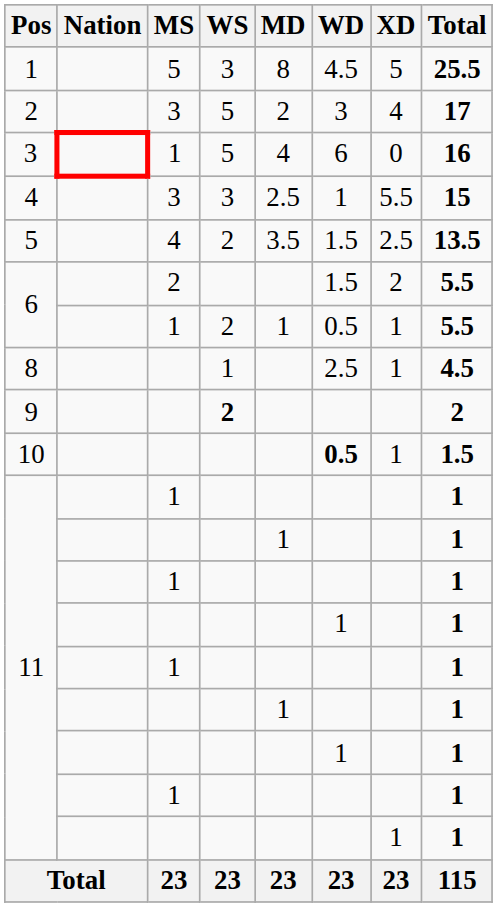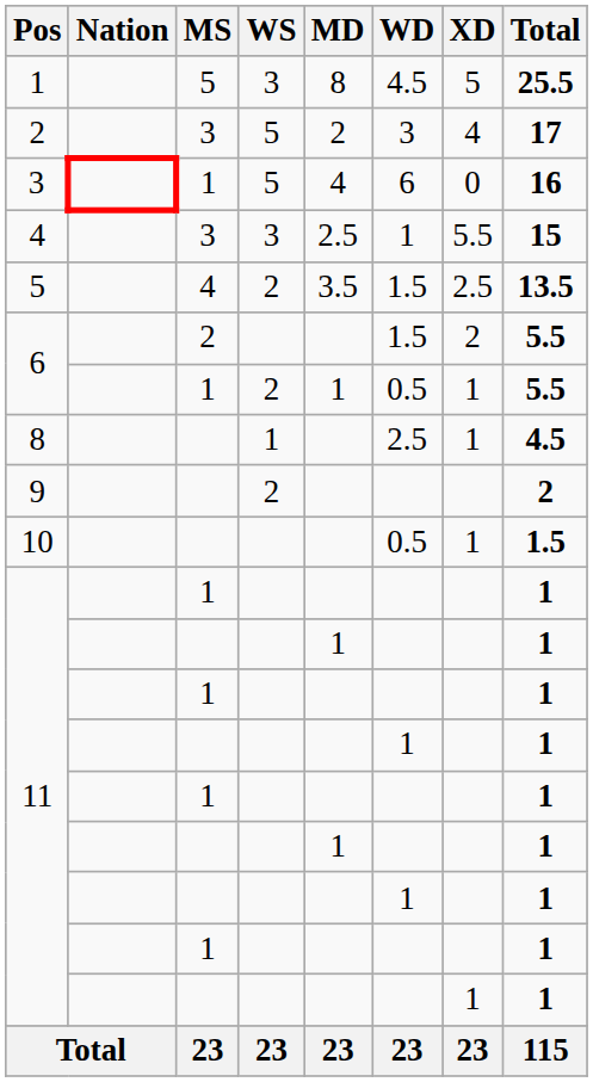 <table class="wikitable" style="text-align:center">
 <tr>
 <th>Pos</th>
 <th>Nation</th>
 <th>MS</th>
 <th>WS</th>
 <th>MD</th>
 <th>WD</th>
 <th>XD</th>
 <th>Total</th>
 </tr>
 <tr>
 <td>1</td>
 <td align=left></td>
 <td>5</td>
 <td>3</td>
 <td>8</td>
 <td>4.5</td>
 <td>5</td>
 <td><strong>25.5</strong></td>
 </tr>
 <tr>
 <td>2</td>
 <td align=left></td>
 <td>3</td>
 <td>5</td>
 <td>2</td>
 <td>3</td>
 <td>4</td>
 <td><strong>17</strong></td>
 </tr>
 <tr>
 <td>3</td>
 <td align="left" style="border: 3px solid red"><strong></strong></td>
 <td>1</td>
 <td>5</td>
 <td>4</td>
 <td>6</td>
 <td>0</td>
 <td><strong>16</strong></td>
 </tr>
 <tr>
 <td>4</td>
 <td align=left><em></em><br></td>
 <td>3</td>
 <td>3</td>
 <td>2.5</td>
 <td>1</td>
 <td>5.5</td>
 <td><strong>15</strong></td>
 </tr>
 <tr>
 <td>5</td>
 <td align=left></td>
 <td>4</td>
 <td>2</td>
 <td>3.5</td>
 <td>1.5</td>
 <td>2.5</td>
 <td><strong>13.5</strong></td>
 </tr>
 <tr>
 <td rowspan=2>6</td>
 <td align=left></td>
 <td>2</td>
 <td></td>
 <td></td>
 <td>1.5</td>
 <td>2</td>
 <td><strong>5.5</strong></td>
 </tr>
 <tr>
 <td align=left></td>
 <td>1</td>
 <td>2</td>
 <td>1</td>
 <td>0.5</td>
 <td>1</td>
 <td><strong>5.5</strong></td>
 </tr>
 <tr>
 <td>8</td>
 <td align=left></td>
 <td></td>
 <td>1</td>
 <td></td>
 <td>2.5</td>
 <td>1</td>
 <td><strong>4.5</strong></td>
 </tr>
 <tr>
 <td>9</td>
 <td align=left></td>
 <td></td>
-<td><strong>2</strong></td>
+<td>2</td>
 <td></td>
 <td></td>
 <td></td>
 <td><strong>2</strong></td>
 </tr>
 <tr>
 <td>10</td>
 <td align=left></td>
 <td></td>
 <td></td>
 <td></td>
-<td><strong>0.5</strong></td>
+<td>0.5</td>
 <td>1</td>
 <td><strong>1.5</strong></td>
 </tr>
 <tr>
 <td rowspan="9">11</td>
 <td align=left></td>
 <td>1</td>
 <td></td>
 <td></td>
 <td></td>
 <td></td>
 <td><strong>1</strong></td>
 </tr>
 <tr>
 <td align=left></td>
 <td></td>
 <td></td>
 <td>1</td>
 <td></td>
 <td></td>
 <td><strong>1</strong></td>
 </tr>
 <tr>
 <td align=left></td>
 <td>1</td>
 <td></td>
 <td></td>
 <td></td>
 <td></td>
 <td><strong>1</strong></td>
 </tr>
 <tr>
 <td align=left><em></em></td>
 <td></td>
 <td></td>
 <td></td>
 <td>1</td>
 <td></td>
 <td><strong>1</strong></td>
 </tr>
 <tr>
 <td align=left></td>
 <td>1</td>
 <td></td>
 <td></td>
 <td></td>
 <td></td>
 <td><strong>1</strong></td>
 </tr>
 <tr>
 <td align=left></td>
 <td></td>
 <td></td>
 <td>1</td>
 <td></td>
 <td></td>
 <td><strong>1</strong></td>
 </tr>
 <tr>
 <td align=left></td>
 <td></td>
 <td></td>
 <td></td>
 <td>1</td>
 <td></td>
 <td><strong>1</strong></td>
 </tr>
 <tr>
 <td align=left></td>
 <td>1</td>
 <td></td>
 <td></td>
 <td></td>
 <td></td>
 <td><strong>1</strong></td>
 </tr>
 <tr>
 <td align=left></td>
 <td></td>
 <td></td>
 <td></td>
 <td></td>
 <td>1</td>
 <td><strong>1</strong></td>
 </tr>
 <tr>
 <th colspan="2">Total</th>
 <th>23</th>
 <th>23</th>
 <th>23</th>
 <th>23</th>
 <th>23</th>
 <th>115</th>
 </tr>
 </table>
